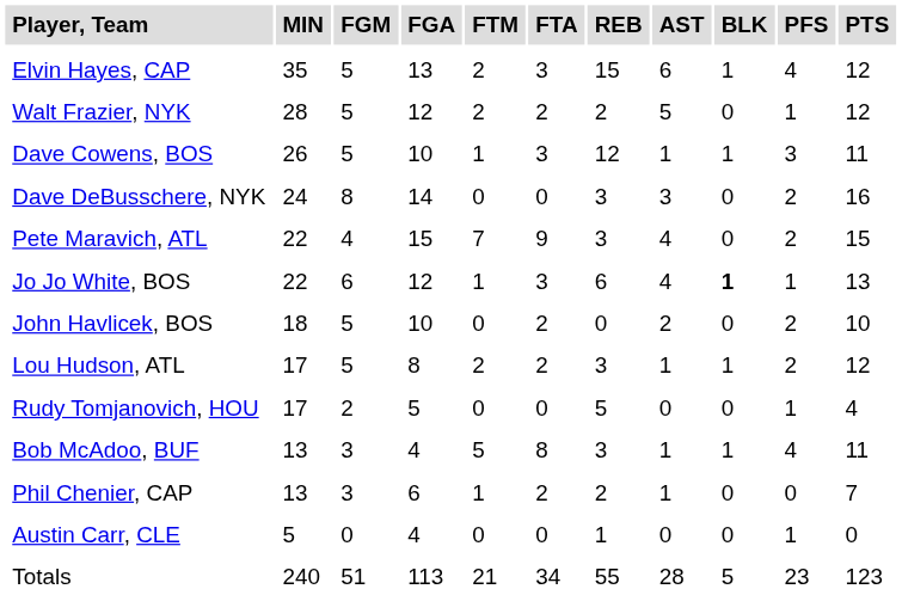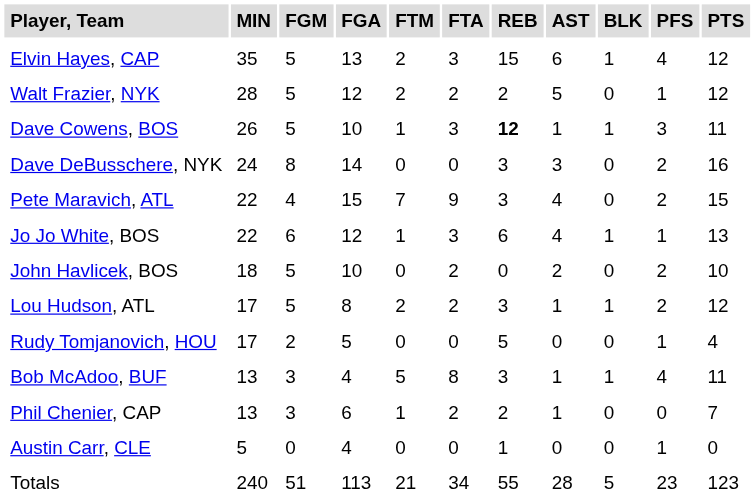 <table cellpadding=5>
 <tr bgcolor="#dddddd">
 <td><strong>Player, Team</strong></td>
 <td><strong>MIN</strong></td>
 <td><strong>FGM</strong></td>
 <td><strong>FGA</strong></td>
 <td><strong>FTM</strong></td>
 <td><strong>FTA</strong></td>
 <td><strong>REB</strong></td>
 <td><strong>AST</strong></td>
 <td><strong>BLK</strong></td>
 <td><strong>PFS</strong></td>
 <td><strong>PTS</strong></td>
 </tr>
 <tr bgcolor="#eeeeee">
 </tr>
 <tr>
 <td><a href='#'>Elvin Hayes</a>, <a href='#'>CAP</a></td>
 <td>35</td>
 <td>5</td>
 <td>13</td>
 <td>2</td>
 <td>3</td>
 <td>15</td>
 <td>6</td>
 <td>1</td>
 <td>4</td>
 <td>12</td>
 </tr>
 <tr>
 <td><a href='#'>Walt Frazier</a>, <a href='#'>NYK</a></td>
 <td>28</td>
 <td>5</td>
 <td>12</td>
 <td>2</td>
 <td>2</td>
 <td>2</td>
 <td>5</td>
 <td>0</td>
 <td>1</td>
 <td>12</td>
 </tr>
 <tr>
 <td><a href='#'>Dave Cowens</a>, <a href='#'>BOS</a></td>
 <td>26</td>
 <td>5</td>
 <td>10</td>
 <td>1</td>
 <td>3</td>
-<td>12</td>
+<td><strong>12</strong></td>
 <td>1</td>
 <td>1</td>
 <td>3</td>
 <td>11</td>
 </tr>
 <tr>
 <td><a href='#'>Dave DeBusschere</a>, NYK</td>
 <td>24</td>
 <td>8</td>
 <td>14</td>
 <td>0</td>
 <td>0</td>
 <td>3</td>
 <td>3</td>
 <td>0</td>
 <td>2</td>
 <td>16</td>
 </tr>
 <tr>
 <td><a href='#'>Pete Maravich</a>, <a href='#'>ATL</a></td>
 <td>22</td>
 <td>4</td>
 <td>15</td>
 <td>7</td>
 <td>9</td>
 <td>3</td>
 <td>4</td>
 <td>0</td>
 <td>2</td>
 <td>15</td>
 </tr>
 <tr>
 <td><a href='#'>Jo Jo White</a>, BOS</td>
 <td>22</td>
 <td>6</td>
 <td>12</td>
 <td>1</td>
 <td>3</td>
 <td>6</td>
 <td>4</td>
-<td><strong>1</strong></td>
+<td>1</td>
 <td>1</td>
 <td>13</td>
 </tr>
 <tr>
 <td><a href='#'>John Havlicek</a>, BOS</td>
 <td>18</td>
 <td>5</td>
 <td>10</td>
 <td>0</td>
 <td>2</td>
 <td>0</td>
 <td>2</td>
 <td>0</td>
 <td>2</td>
 <td>10</td>
 </tr>
 <tr>
 <td><a href='#'>Lou Hudson</a>, ATL</td>
 <td>17</td>
 <td>5</td>
 <td>8</td>
 <td>2</td>
 <td>2</td>
 <td>3</td>
 <td>1</td>
 <td>1</td>
 <td>2</td>
 <td>12</td>
 </tr>
 <tr>
 <td><a href='#'>Rudy Tomjanovich</a>, <a href='#'>HOU</a></td>
 <td>17</td>
 <td>2</td>
 <td>5</td>
 <td>0</td>
 <td>0</td>
 <td>5</td>
 <td>0</td>
 <td>0</td>
 <td>1</td>
 <td>4</td>
 </tr>
 <tr>
 <td><a href='#'>Bob McAdoo</a>, <a href='#'>BUF</a></td>
 <td>13</td>
 <td>3</td>
 <td>4</td>
 <td>5</td>
 <td>8</td>
 <td>3</td>
 <td>1</td>
 <td>1</td>
 <td>4</td>
 <td>11</td>
 </tr>
 <tr>
 <td><a href='#'>Phil Chenier</a>, CAP</td>
 <td>13</td>
 <td>3</td>
 <td>6</td>
 <td>1</td>
 <td>2</td>
 <td>2</td>
 <td>1</td>
 <td>0</td>
 <td>0</td>
 <td>7</td>
 </tr>
 <tr>
 <td><a href='#'>Austin Carr</a>, <a href='#'>CLE</a></td>
 <td>5</td>
 <td>0</td>
 <td>4</td>
 <td>0</td>
 <td>0</td>
 <td>1</td>
 <td>0</td>
 <td>0</td>
 <td>1</td>
 <td>0</td>
 </tr>
 <tr>
 <td>Totals</td>
 <td>240</td>
 <td>51</td>
 <td>113</td>
 <td>21</td>
 <td>34</td>
 <td>55</td>
 <td>28</td>
 <td>5</td>
 <td>23</td>
 <td>123</td>
 </tr>
 <tr>
 </tr>
 </table>
